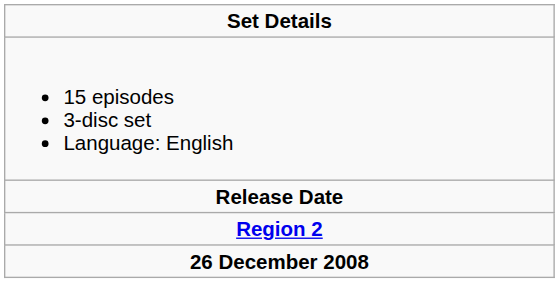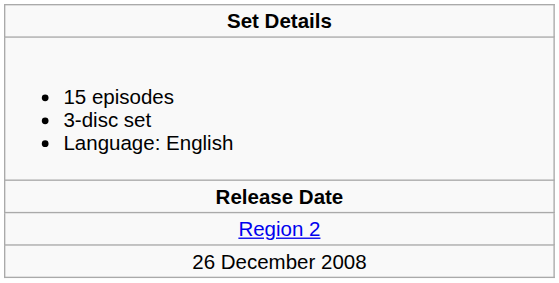 <table class="wikitable" style="font-size: 95%;">
 <tr valign="top">
 <td align="center" width="400" colspan="3"><strong>Set Details</strong></td>
 </tr>
 <tr valign="top">
 <td colspan="3" align="left" width="400"><br><ul><li>15 episodes</li><li>3-disc set</li><li>Language: English</li></ul></td>
 </tr>
 <tr>
 <td colspan="3" align="center"><strong>Release Date</strong></td>
 </tr>
 <tr>
-<td align="center"><strong><a href='#'>Region 2</a></strong></td>
+<td align="center"><a href='#'>Region 2</a></td>
 </tr>
 <tr>
-<td align="center"><strong>26 December 2008</strong></td>
+<td align="center">26 December 2008</td>
 </tr>
 </table>
